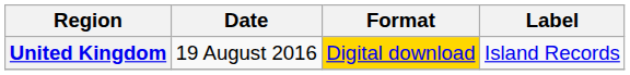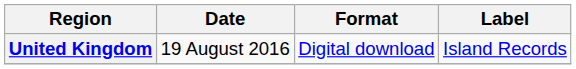 <table class="wikitable sortable plainrowheaders">
 <tr>
 <th>Region</th>
 <th>Date</th>
 <th>Format</th>
 <th>Label</th>
 </tr>
 <tr>
 <th scope="row"><a href='#'>United Kingdom</a></th>
 <td>19 August 2016</td>
-<td style="background: gold;"><a href='#'>Digital download</a></td>
+<td><a href='#'>Digital download</a></td>
 <td><a href='#'>Island Records</a></td>
 </tr>
 <tr>
 </tr>
 </table>
